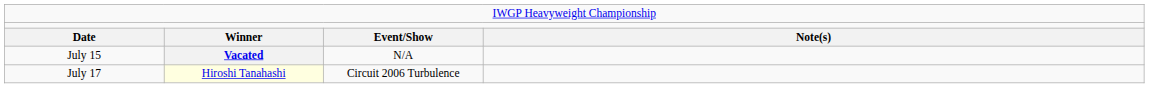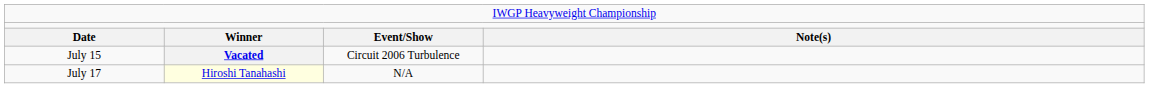 <table class="wikitable" style="text-align:center; width:100%;">
 <tr>
 <td colspan="5"><a href='#'>IWGP Heavyweight Championship</a></td>
 </tr>
 <tr>
 <td colspan="5"><strong></strong></td>
 </tr>
 <tr>
 <th width=14%>Date</th>
 <th width=14%>Winner</th>
 <th width=14%>Event/Show</th>
 <th width=58%>Note(s)</th>
 </tr>
 <tr>
 <td>July 15</td>
 <th><a href='#'>Vacated</a></th>
-<td>N/A</td>
+<td>Circuit 2006 Turbulence</td>
 <td align=left></td>
 </tr>
 <tr>
 <td>July 17</td>
 <td style="background: lightyellow;"><a href='#'>Hiroshi Tanahashi</a></td>
-<td>Circuit 2006 Turbulence</td>
+<td>N/A</td>
 <td align=left></td>
 </tr>
 </table>
